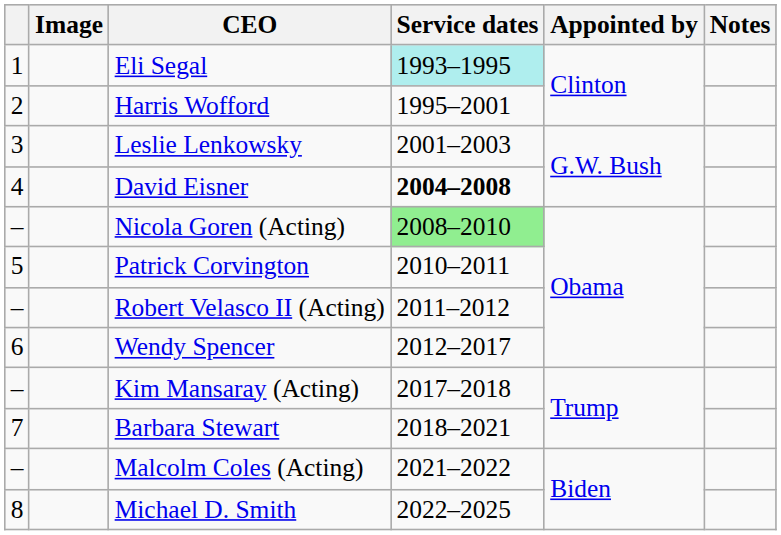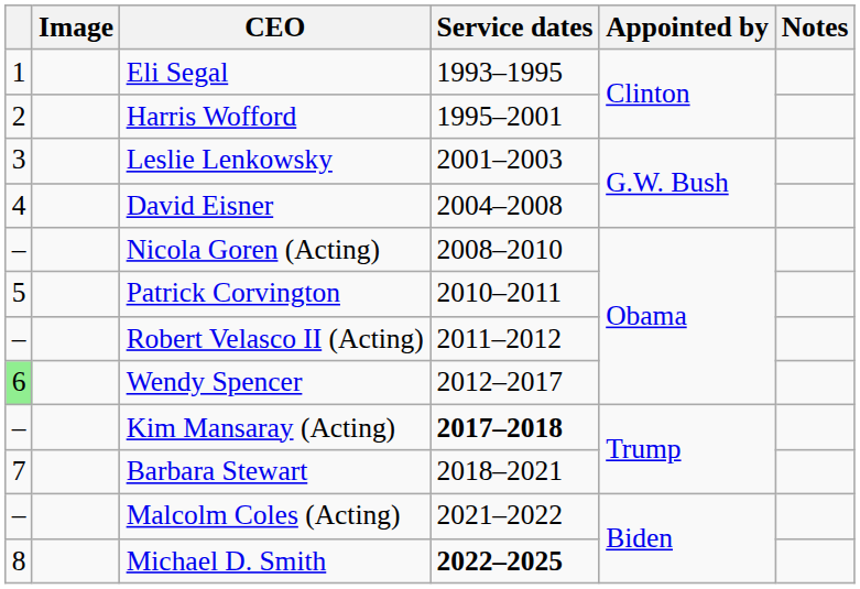 <table class="wikitable">
 <tr>
 <th></th>
 <th>Image</th>
 <th>CEO</th>
 <th>Service dates</th>
 <th>Appointed by</th>
 <th>Notes</th>
 </tr>
 <tr>
 <td>1</td>
 <td></td>
 <td><a href='#'>Eli Segal</a></td>
-<td style="background: paleturquoise;">1993–1995</td>
+<td>1993–1995</td>
 <td rowspan=2><a href='#'>Clinton</a></td>
 <td></td>
 </tr>
 <tr>
 <td>2</td>
 <td></td>
 <td><a href='#'>Harris Wofford</a></td>
 <td>1995–2001</td>
 <td></td>
 </tr>
 <tr>
 <td>3</td>
 <td></td>
 <td><a href='#'>Leslie Lenkowsky</a></td>
 <td>2001–2003</td>
 <td rowspan=2><a href='#'>G.W. Bush</a></td>
 <td></td>
 </tr>
 <tr>
 <td>4</td>
 <td></td>
 <td><a href='#'>David Eisner</a></td>
-<td><strong>2004–2008</strong></td>
+<td>2004–2008</td>
 <td></td>
 </tr>
 <tr>
 <td>–</td>
 <td></td>
 <td><a href='#'>Nicola Goren</a> (Acting)</td>
-<td style="background: lightgreen;">2008–2010</td>
+<td>2008–2010</td>
 <td rowspan=4><a href='#'>Obama</a></td>
 <td></td>
 </tr>
 <tr>
 <td>5</td>
 <td></td>
 <td><a href='#'>Patrick Corvington</a></td>
 <td>2010–2011</td>
 <td></td>
 </tr>
 <tr>
 <td>–</td>
 <td></td>
 <td><a href='#'>Robert Velasco II</a> (Acting)</td>
 <td>2011–2012</td>
 <td></td>
 </tr>
 <tr>
-<td>6</td>
+<td style="background: lightgreen;">6</td>
 <td></td>
 <td><a href='#'>Wendy Spencer</a></td>
 <td>2012–2017</td>
 <td></td>
 </tr>
 <tr>
 <td>–</td>
 <td></td>
 <td><a href='#'>Kim Mansaray</a> (Acting)</td>
-<td>2017–2018</td>
+<td><strong>2017–2018</strong></td>
 <td rowspan="2"><a href='#'>Trump</a></td>
 <td></td>
 </tr>
 <tr>
 <td>7</td>
 <td></td>
 <td><a href='#'>Barbara Stewart</a></td>
 <td>2018–2021</td>
 <td></td>
 </tr>
 <tr>
 <td>–</td>
 <td></td>
 <td><a href='#'>Malcolm Coles</a> (Acting)</td>
 <td>2021–2022</td>
 <td rowspan="2"><a href='#'>Biden</a></td>
 <td></td>
 </tr>
 <tr>
 <td>8</td>
 <td></td>
 <td><a href='#'>Michael D. Smith</a></td>
-<td>2022–2025</td>
+<td><strong>2022–2025</strong></td>
 <td></td>
 </tr>
 </table>
